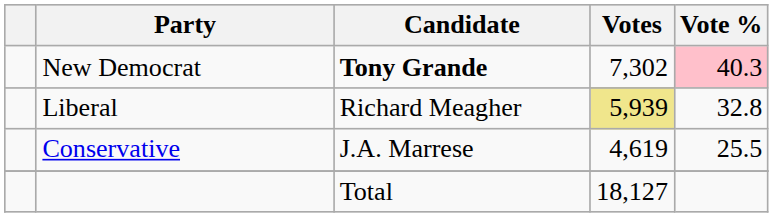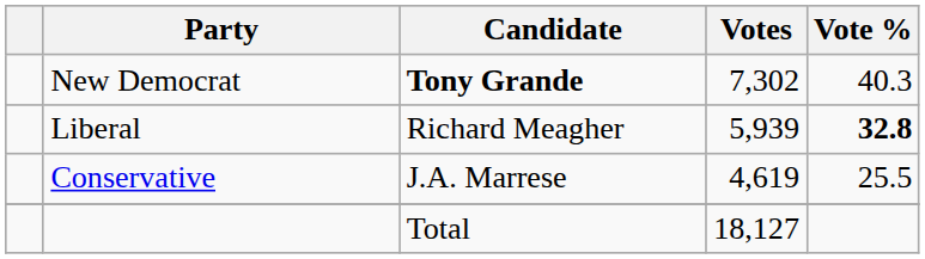 <table class="wikitable">
 <tr>
 <th></th>
 <th scope="col" width="175">Party</th>
 <th scope="col" width="150">Candidate</th>
 <th>Votes</th>
 <th>Vote %</th>
 </tr>
 <tr>
 <td>   </td>
 <td>New Democrat</td>
 <td><strong>Tony Grande</strong></td>
 <td align=right>7,302</td>
-<td align=right style="background: pink;">40.3</td>
+<td align=right>40.3</td>
 </tr>
 <tr |>
 <td>   </td>
 <td>Liberal</td>
 <td>Richard Meagher</td>
-<td align=right style="background: khaki;">5,939</td>
-<td align=right>32.8</td>
+<td align=right>5,939</td>
+<td align=right><strong>32.8</strong></td>
 </tr>
 <tr |>
 <td>   </td>
 <td><a href='#'>Conservative</a></td>
 <td>J.A. Marrese</td>
 <td align=right>4,619</td>
 <td align=right>25.5</td>
 </tr>
 <tr |>
 </tr>
 <tr |>
 <td></td>
 <td></td>
 <td>Total</td>
 <td align=right>18,127</td>
 <td></td>
 </tr>
 </table>
